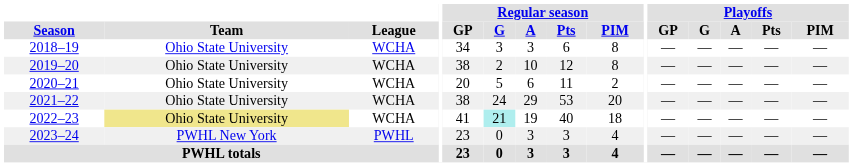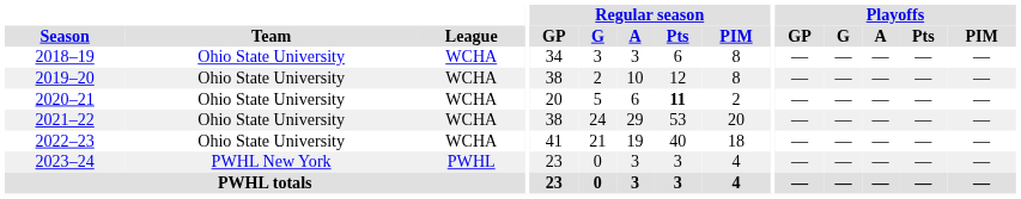 <table border="0" cellpadding="1" cellspacing="0" style="text-align:center; width:60em">
 <tr bgcolor="#e0e0e0">
 <th colspan="3" bgcolor="#ffffff"></th>
 <th rowspan="97" bgcolor="#ffffff"></th>
 <th colspan="5"><a href='#'>Regular season</a></th>
 <th rowspan="97" bgcolor="#ffffff"></th>
 <th colspan="5"><a href='#'>Playoffs</a></th>
 </tr>
 <tr bgcolor="#e0e0e0">
 <th><a href='#'>Season</a></th>
 <th>Team</th>
 <th>League</th>
 <th>GP</th>
 <th><a href='#'>G</a></th>
 <th><a href='#'>A</a></th>
 <th><a href='#'>Pts</a></th>
 <th><a href='#'>PIM</a></th>
 <th>GP</th>
 <th>G</th>
 <th>A</th>
 <th>Pts</th>
 <th>PIM</th>
 </tr>
 <tr>
 <td><a href='#'>2018–19</a></td>
 <td><a href='#'>Ohio State University</a></td>
 <td><a href='#'>WCHA</a></td>
 <td>34</td>
 <td>3</td>
 <td>3</td>
 <td>6</td>
 <td>8</td>
 <td>—</td>
 <td>—</td>
 <td>—</td>
 <td>—</td>
 <td>—</td>
 </tr>
 <tr bgcolor="#f0f0f0">
 <td><a href='#'>2019–20</a></td>
 <td>Ohio State University</td>
 <td>WCHA</td>
 <td>38</td>
 <td>2</td>
 <td>10</td>
 <td>12</td>
 <td>8</td>
 <td>—</td>
 <td>—</td>
 <td>—</td>
 <td>—</td>
 <td>—</td>
 </tr>
 <tr>
 <td><a href='#'>2020–21</a></td>
 <td>Ohio State University</td>
 <td>WCHA</td>
 <td>20</td>
 <td>5</td>
 <td>6</td>
-<td>11</td>
+<td><strong>11</strong></td>
 <td>2</td>
 <td>—</td>
 <td>—</td>
 <td>—</td>
 <td>—</td>
 <td>—</td>
 </tr>
 <tr bgcolor="#f0f0f0">
 <td><a href='#'>2021–22</a></td>
 <td>Ohio State University</td>
 <td>WCHA</td>
 <td>38</td>
 <td>24</td>
 <td>29</td>
 <td>53</td>
 <td>20</td>
 <td>—</td>
 <td>—</td>
 <td>—</td>
 <td>—</td>
 <td>—</td>
 </tr>
 <tr>
 <td><a href='#'>2022–23</a></td>
-<td style="background: khaki;">Ohio State University</td>
+<td>Ohio State University</td>
 <td>WCHA</td>
 <td>41</td>
-<td style="background: paleturquoise;">21</td>
+<td>21</td>
 <td>19</td>
 <td>40</td>
 <td>18</td>
 <td>—</td>
 <td>—</td>
 <td>—</td>
 <td>—</td>
 <td>—</td>
 </tr>
 <tr bgcolor="#f0f0f0">
 <td><a href='#'>2023–24</a></td>
 <td><a href='#'>PWHL New York</a></td>
 <td><a href='#'>PWHL</a></td>
 <td>23</td>
 <td>0</td>
 <td>3</td>
 <td>3</td>
 <td>4</td>
 <td>—</td>
 <td>—</td>
 <td>—</td>
 <td>—</td>
 <td>—</td>
 </tr>
 <tr bgcolor="#e0e0e0">
 <th colspan="3">PWHL totals</th>
 <th>23</th>
 <th>0</th>
 <th>3</th>
 <th>3</th>
 <th>4</th>
 <th>—</th>
 <th>—</th>
 <th>—</th>
 <th>—</th>
 <th>—</th>
 </tr>
 </table>
